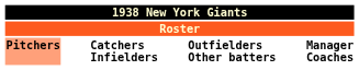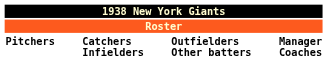 <table class="toccolours" style="font-size: 95%;">
 <tr>
 <th colspan="10" style="background-color: black; color: #FFFDD0; text-align: center;">1938 New York Giants</th>
 </tr>
 <tr>
 <td colspan="10" style="background-color: #fd5a1e; color: #FFFDD0; text-align: center;"><strong>Roster</strong></td>
 </tr>
 <tr>
-<td valign="top" style="background: lightsalmon;"><strong>Pitchers</strong><br>           </td>
+<td valign="top"><strong>Pitchers</strong><br>           </td>
 <td width="25px"></td>
 <td valign="top"><strong>Catchers</strong><br>  <strong>Infielders</strong>          </td>
 <td width="25px"></td>
 <td valign="top"><strong>Outfielders</strong><br>     <strong>Other batters</strong> </td>
 <td width="25px"></td>
 <td valign="top"><strong>Manager</strong><br> <strong>Coaches</strong>  </td>
 </tr>
 </table>
